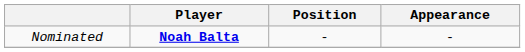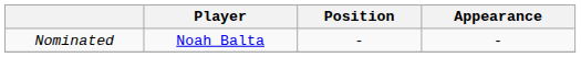 <table class="wikitable" style="text-align:center; font-size:100%; width:40%">
 <tr>
 <th></th>
 <th>Player</th>
 <th>Position</th>
 <th>Appearance</th>
 </tr>
 <tr>
 <td><em>Nominated</em></td>
-<td><strong><a href='#'>Noah Balta</a></strong></td>
+<td><a href='#'>Noah Balta</a></td>
 <td>-</td>
 <td>-</td>
 </tr>
 <tr>
 </tr>
 </table>
